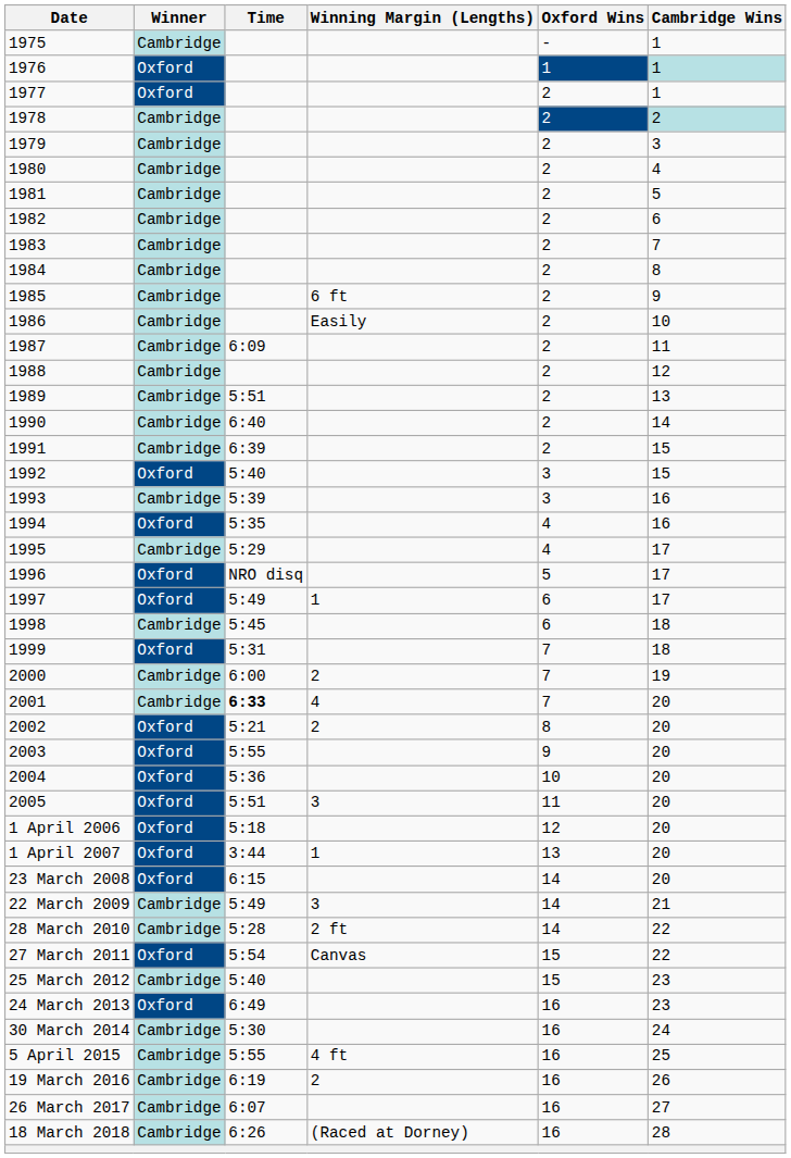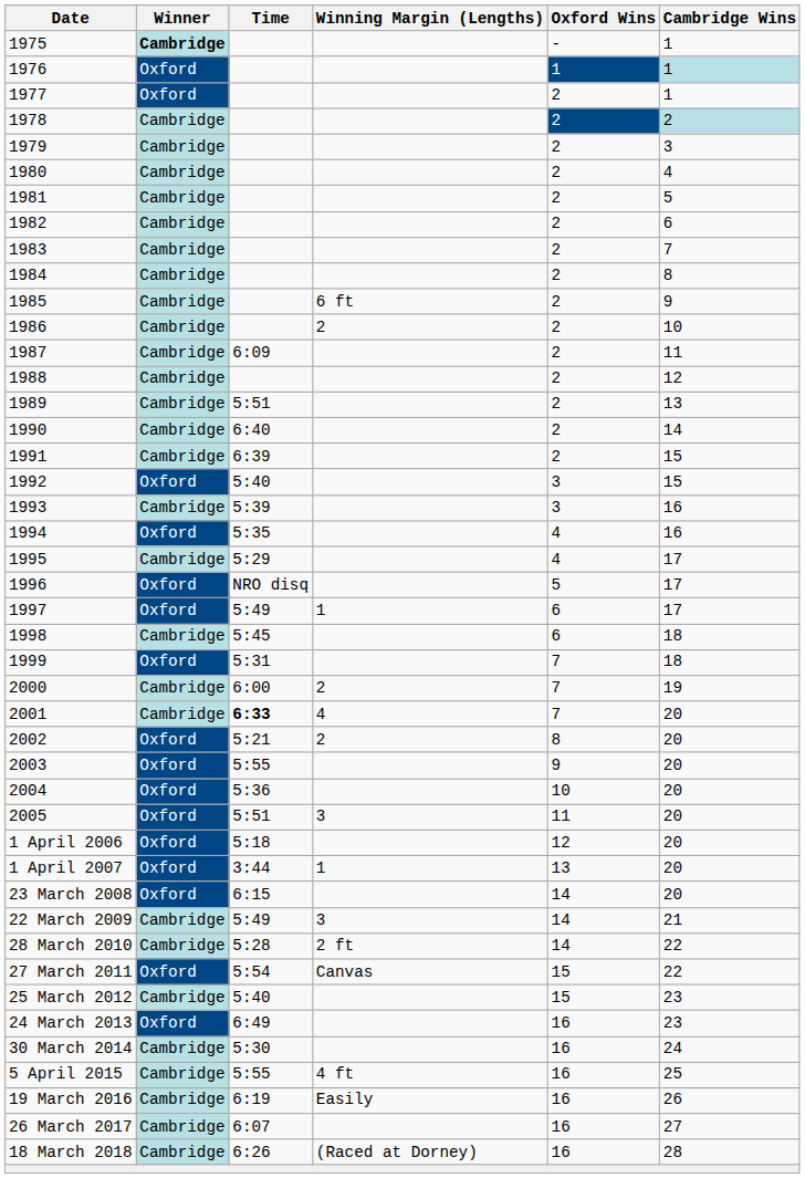 <table class="wikitable collapsible collapsed" style="border-collapse: collapse;">
 <tr>
 <th>Date</th>
 <th>Winner</th>
 <th>Time</th>
 <th>Winning Margin (Lengths)</th>
 <th>Oxford Wins</th>
 <th>Cambridge Wins</th>
 </tr>
 <tr>
 <td>1975</td>
-<td style="background:#B7E1E4; color:#000;">Cambridge</td>
+<td style="background:#B7E1E4; color:#000;"><strong>Cambridge</strong></td>
 <td></td>
 <td></td>
 <td>-</td>
 <td>1</td>
 </tr>
 <tr>
 <td>1976</td>
 <td style="background:#004685; color:#FFF;">Oxford</td>
 <td></td>
 <td></td>
 <td style="background:#004685; color:#FFF;">1</td>
 <td style="background:#B7E1E4; color:#000;">1</td>
 </tr>
 <tr>
 <td>1977</td>
 <td style="background:#004685; color:#FFF;">Oxford</td>
 <td></td>
 <td></td>
 <td>2</td>
 <td>1</td>
 </tr>
 <tr>
 <td>1978</td>
 <td style="background:#B7E1E4; color:#000;">Cambridge</td>
 <td></td>
 <td></td>
 <td style="background:#004685; color:#FFF;">2</td>
 <td style="background:#B7E1E4; color:#000;">2</td>
 </tr>
 <tr>
 <td>1979</td>
 <td style="background:#B7E1E4; color:#000;">Cambridge</td>
 <td></td>
 <td></td>
 <td>2</td>
 <td>3</td>
 </tr>
 <tr>
 <td>1980</td>
 <td style="background:#B7E1E4; color:#000;">Cambridge</td>
 <td></td>
 <td></td>
 <td>2</td>
 <td>4</td>
 </tr>
 <tr>
 <td>1981</td>
 <td style="background:#B7E1E4; color:#000;">Cambridge</td>
 <td></td>
 <td></td>
 <td>2</td>
 <td>5</td>
 </tr>
 <tr>
 <td>1982</td>
 <td style="background:#B7E1E4; color:#000;">Cambridge</td>
 <td></td>
 <td></td>
 <td>2</td>
 <td>6</td>
 </tr>
 <tr>
 <td>1983</td>
 <td style="background:#B7E1E4; color:#000;">Cambridge</td>
 <td></td>
 <td></td>
 <td>2</td>
 <td>7</td>
 </tr>
 <tr>
 <td>1984</td>
 <td style="background:#B7E1E4; color:#000;">Cambridge</td>
 <td></td>
 <td></td>
 <td>2</td>
 <td>8</td>
 </tr>
 <tr>
 <td>1985</td>
 <td style="background:#B7E1E4; color:#000;">Cambridge</td>
 <td></td>
 <td>6 ft</td>
 <td>2</td>
 <td>9</td>
 </tr>
 <tr>
 <td>1986</td>
 <td style="background:#B7E1E4; color:#000;">Cambridge</td>
 <td></td>
-<td>Easily</td>
+<td>2</td>
 <td>2</td>
 <td>10</td>
 </tr>
 <tr>
 <td>1987</td>
 <td style="background:#B7E1E4; color:#000;">Cambridge</td>
 <td>6:09</td>
 <td></td>
 <td>2</td>
 <td>11</td>
 </tr>
 <tr>
 <td>1988</td>
 <td style="background:#B7E1E4; color:#000;">Cambridge</td>
 <td></td>
 <td></td>
 <td>2</td>
 <td>12</td>
 </tr>
 <tr>
 <td>1989</td>
 <td style="background:#B7E1E4; color:#000;">Cambridge</td>
 <td>5:51</td>
 <td></td>
 <td>2</td>
 <td>13</td>
 </tr>
 <tr>
 <td>1990</td>
 <td style="background:#B7E1E4; color:#000;">Cambridge</td>
 <td>6:40</td>
 <td></td>
 <td>2</td>
 <td>14</td>
 </tr>
 <tr>
 <td>1991</td>
 <td style="background:#B7E1E4; color:#000;">Cambridge</td>
 <td>6:39</td>
 <td></td>
 <td>2</td>
 <td>15</td>
 </tr>
 <tr>
 <td>1992</td>
 <td style="background:#004685; color:#FFF;">Oxford</td>
 <td>5:40</td>
 <td></td>
 <td>3</td>
 <td>15</td>
 </tr>
 <tr>
 <td>1993</td>
 <td style="background:#B7E1E4; color:#000;">Cambridge</td>
 <td>5:39</td>
 <td></td>
 <td>3</td>
 <td>16</td>
 </tr>
 <tr>
 <td>1994</td>
 <td style="background:#004685; color:#FFF;">Oxford</td>
 <td>5:35</td>
 <td></td>
 <td>4</td>
 <td>16</td>
 </tr>
 <tr>
 <td>1995</td>
 <td style="background:#B7E1E4; color:#000;">Cambridge</td>
 <td>5:29</td>
 <td></td>
 <td>4</td>
 <td>17</td>
 </tr>
 <tr>
 <td>1996</td>
 <td style="background:#004685; color:#FFF;">Oxford</td>
 <td>NRO disq</td>
 <td></td>
 <td>5</td>
 <td>17</td>
 </tr>
 <tr>
 <td>1997</td>
 <td style="background:#004685; color:#FFF;">Oxford</td>
 <td>5:49</td>
 <td>1</td>
 <td>6</td>
 <td>17</td>
 </tr>
 <tr>
 <td>1998</td>
 <td style="background:#B7E1E4; color:#000;">Cambridge</td>
 <td>5:45</td>
 <td></td>
 <td>6</td>
 <td>18</td>
 </tr>
 <tr>
 <td>1999</td>
 <td style="background:#004685; color:#FFF;">Oxford</td>
 <td>5:31</td>
 <td></td>
 <td>7</td>
 <td>18</td>
 </tr>
 <tr>
 <td>2000</td>
 <td style="background:#B7E1E4; color:#000;">Cambridge</td>
 <td>6:00</td>
 <td>2</td>
 <td>7</td>
 <td>19</td>
 </tr>
 <tr>
 <td>2001</td>
 <td style="background:#B7E1E4; color:#000;">Cambridge</td>
 <td><strong>6:33</strong></td>
 <td>4</td>
 <td>7</td>
 <td>20</td>
 </tr>
 <tr>
 <td>2002</td>
 <td style="background:#004685; color:#FFF;">Oxford</td>
 <td>5:21</td>
 <td>2</td>
 <td>8</td>
 <td>20</td>
 </tr>
 <tr>
 <td>2003</td>
 <td style="background:#004685; color:#FFF;">Oxford</td>
 <td>5:55</td>
 <td></td>
 <td>9</td>
 <td>20</td>
 </tr>
 <tr>
 <td>2004</td>
 <td style="background:#004685; color:#FFF;">Oxford</td>
 <td>5:36</td>
 <td></td>
 <td>10</td>
 <td>20</td>
 </tr>
 <tr>
 <td>2005</td>
 <td style="background:#004685; color:#FFF;">Oxford</td>
 <td>5:51</td>
 <td>3</td>
 <td>11</td>
 <td>20</td>
 </tr>
 <tr>
 <td>1 April 2006</td>
 <td style="background:#004685; color:#FFF;">Oxford</td>
 <td>5:18</td>
 <td></td>
 <td>12</td>
 <td>20</td>
 </tr>
 <tr>
 <td>1 April 2007</td>
 <td style="background:#004685; color:#FFF;">Oxford</td>
 <td>3:44</td>
 <td>1</td>
 <td>13</td>
 <td>20</td>
 </tr>
 <tr>
 <td>23 March 2008</td>
 <td style="background:#004685; color:#FFF;">Oxford</td>
 <td>6:15</td>
 <td></td>
 <td>14</td>
 <td>20</td>
 </tr>
 <tr>
 <td>22 March 2009</td>
 <td style="background:#B7E1E4; color:#000;">Cambridge</td>
 <td>5:49</td>
 <td>3</td>
 <td>14</td>
 <td>21</td>
 </tr>
 <tr>
 <td>28 March 2010</td>
 <td style="background:#B7E1E4; color:#000;">Cambridge</td>
 <td>5:28</td>
 <td>2 ft</td>
 <td>14</td>
 <td>22</td>
 </tr>
 <tr>
 <td>27 March 2011</td>
 <td style="background:#004685; color:#FFF;">Oxford</td>
 <td>5:54</td>
 <td>Canvas</td>
 <td>15</td>
 <td>22</td>
 </tr>
 <tr>
 <td>25 March 2012</td>
 <td style="background:#B7E1E4; color:#000;">Cambridge</td>
 <td>5:40</td>
 <td></td>
 <td>15</td>
 <td>23</td>
 </tr>
 <tr>
 <td>24 March 2013</td>
 <td style="background:#004685; color:#FFF;">Oxford</td>
 <td>6:49</td>
 <td></td>
 <td>16</td>
 <td>23</td>
 </tr>
 <tr>
 <td>30 March 2014</td>
 <td style="background:#B7E1E4; color:#000;">Cambridge</td>
 <td>5:30</td>
 <td></td>
 <td>16</td>
 <td>24</td>
 </tr>
 <tr>
 <td>5 April 2015</td>
 <td style="background:#B7E1E4; color:#000;">Cambridge</td>
 <td>5:55</td>
 <td>4 ft</td>
 <td>16</td>
 <td>25</td>
 </tr>
 <tr>
 <td>19 March 2016</td>
 <td style="background:#B7E1E4; color:#000;">Cambridge</td>
 <td>6:19</td>
-<td>2</td>
+<td>Easily</td>
 <td>16</td>
 <td>26</td>
 </tr>
 <tr>
 <td>26 March 2017</td>
 <td style="background:#B7E1E4; color:#000;">Cambridge</td>
 <td>6:07</td>
 <td></td>
 <td>16</td>
 <td>27</td>
 </tr>
 <tr>
 <td>18 March 2018</td>
 <td style="background:#B7E1E4; color:#000;">Cambridge</td>
 <td>6:26</td>
 <td> (Raced at Dorney)</td>
 <td>16</td>
 <td>28</td>
 </tr>
 <tr>
 <th class=noprint colspan=6 style="font-weight:normal"></th>
 </tr>
 </table>
